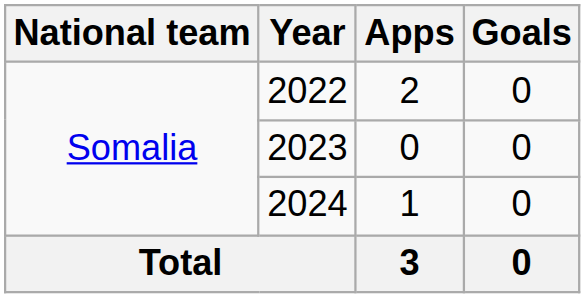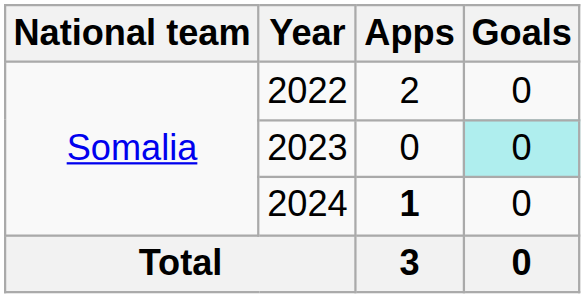 <table class="wikitable" style="text-align:center">
 <tr>
 <th>National team</th>
 <th>Year</th>
 <th>Apps</th>
 <th>Goals</th>
 </tr>
 <tr>
 <td rowspan="3"><a href='#'>Somalia</a></td>
 <td>2022</td>
 <td>2</td>
 <td>0</td>
 </tr>
 <tr>
 <td>2023</td>
 <td>0</td>
-<td>0</td>
+<td style="background: paleturquoise;">0</td>
 </tr>
 <tr>
 <td>2024</td>
-<td>1</td>
+<td><strong>1</strong></td>
 <td>0</td>
 </tr>
 <tr>
 <th colspan=2>Total</th>
 <th>3</th>
 <th>0</th>
 </tr>
 </table>
